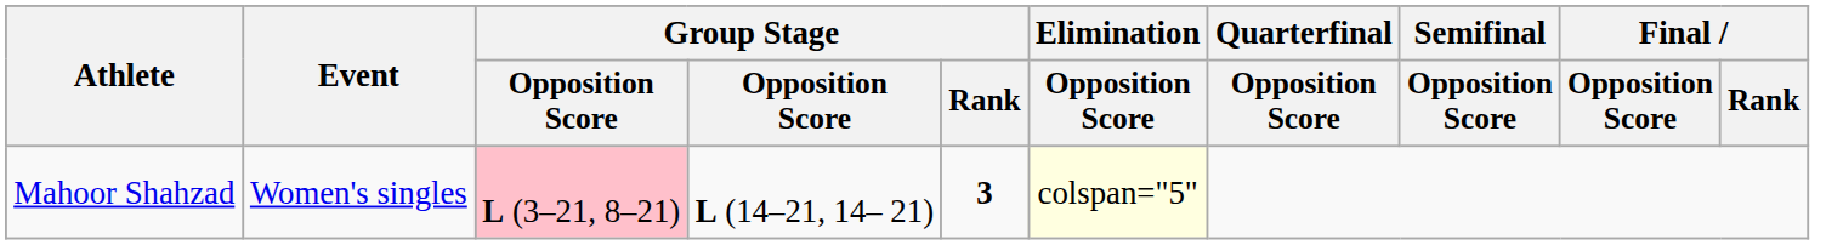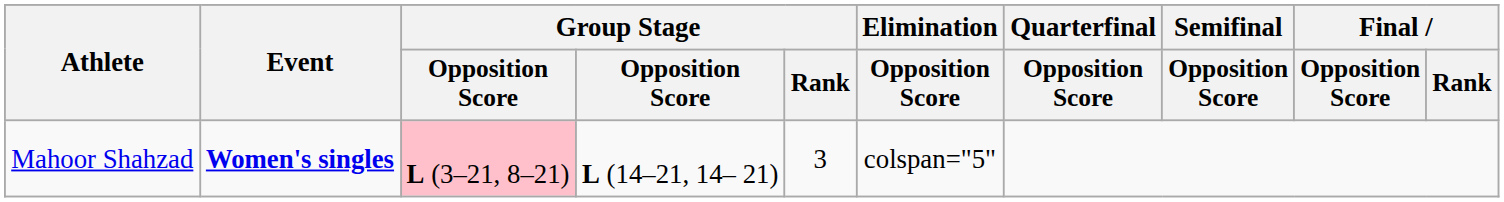 <table class="wikitable" style="font-size:90%">
 <tr>
 <th rowspan=2>Athlete</th>
 <th rowspan=2>Event</th>
 <th colspan=3>Group Stage</th>
 <th>Elimination</th>
 <th>Quarterfinal</th>
 <th>Semifinal</th>
 <th colspan=2>Final / </th>
 </tr>
 <tr style="font-size:95%">
 <th>Opposition<br>Score</th>
 <th>Opposition<br>Score</th>
 <th>Rank</th>
 <th>Opposition<br>Score</th>
 <th>Opposition<br>Score</th>
 <th>Opposition<br>Score</th>
 <th>Opposition<br>Score</th>
 <th>Rank</th>
 </tr>
 <tr align=center>
 <td align=left><a href='#'>Mahoor Shahzad</a></td>
-<td align=left><a href='#'>Women's singles</a></td>
+<td align=left><strong><a href='#'>Women's singles</a></strong></td>
 <td style="background: pink;"><br><strong>L</strong> (3–21, 8–21)</td>
 <td><br><strong>L</strong> (14–21, 14– 21)</td>
-<td><strong>3</strong></td>
-<td style="background: lightyellow;">colspan="5" </td>
+<td>3</td>
+<td>colspan="5" </td>
 </tr>
 </table>
